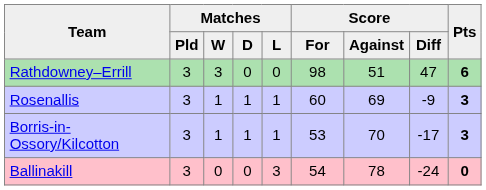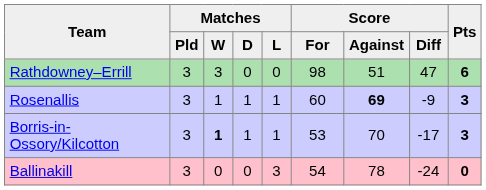 <table style=border-collapse:collapse border=1 cellspacing=0 cellpadding=5>
 <tr align=center bgcolor=#efefef>
 <th rowspan=2 width=165>Team</th>
 <th colspan=4>Matches</th>
 <th colspan=3>Score</th>
 <th rowspan=2width=20>Pts</th>
 </tr>
 <tr align=center bgcolor=#efefef>
 <th width=20>Pld</th>
 <th width=20>W</th>
 <th width=20>D</th>
 <th width=20>L</th>
 <th width=45>For</th>
 <th width=45>Against</th>
 <th width=30>Diff</th>
 </tr>
 <tr align=center style="background:#ACE1AF;">
 <td style="text-align:left;"><a href='#'>Rathdowney–Errill</a></td>
 <td>3</td>
 <td>3</td>
 <td>0</td>
 <td>0</td>
 <td>98</td>
 <td>51</td>
 <td>47</td>
 <td><strong>6</strong></td>
 </tr>
 <tr align=center  style="background:#ccccff;">
 <td style="text-align:left;"><a href='#'>Rosenallis</a></td>
 <td>3</td>
 <td>1</td>
 <td>1</td>
 <td>1</td>
 <td>60</td>
-<td>69</td>
+<td><strong>69</strong></td>
 <td>-9</td>
 <td><strong>3</strong></td>
 </tr>
 <tr align=center style="background:#ccccff;">
 <td style="text-align:left;"><a href='#'>Borris-in-Ossory/Kilcotton</a></td>
 <td>3</td>
-<td>1</td>
+<td><strong>1</strong></td>
 <td>1</td>
 <td>1</td>
 <td>53</td>
 <td>70</td>
 <td>-17</td>
 <td><strong>3</strong></td>
 </tr>
 <tr align=center style="background:#FFC0CB;">
 <td style="text-align:left;"><a href='#'>Ballinakill</a></td>
 <td>3</td>
 <td>0</td>
 <td>0</td>
 <td>3</td>
 <td>54</td>
 <td>78</td>
 <td>-24</td>
 <td><strong>0</strong></td>
 </tr>
 </table>
